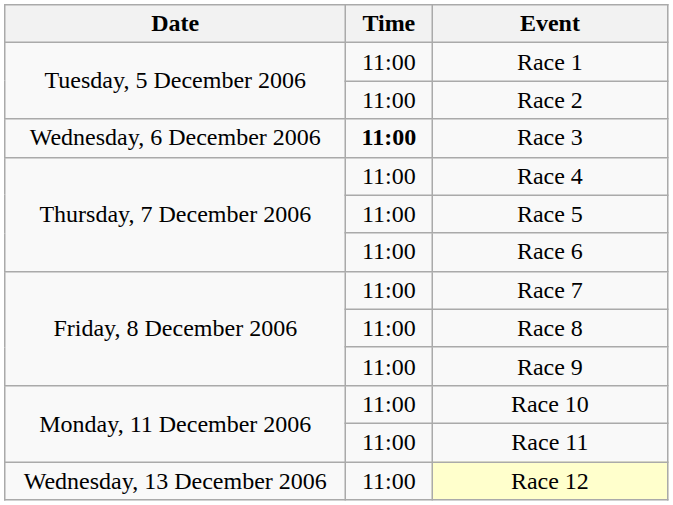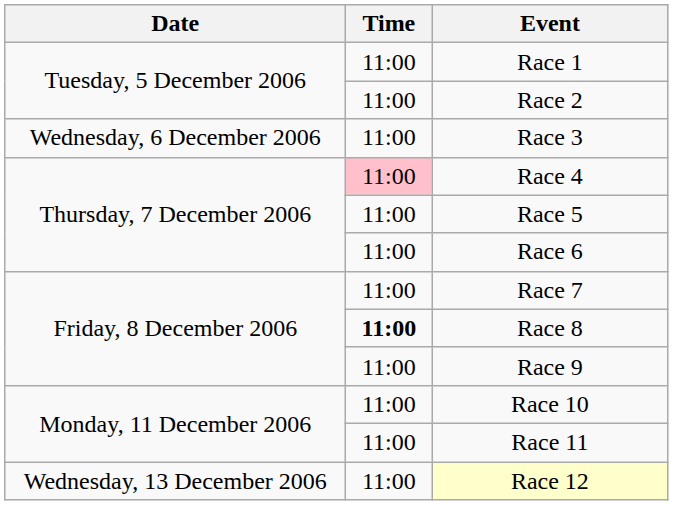 <table class = "wikitable" style="text-align:center;">
 <tr>
 <th width=220>Date</th>
 <th width=50>Time</th>
 <th width=150>Event</th>
 </tr>
 <tr>
 <td rowspan=2>Tuesday, 5 December 2006</td>
 <td>11:00</td>
 <td>Race 1</td>
 </tr>
 <tr>
 <td>11:00</td>
 <td>Race 2</td>
 </tr>
 <tr>
 <td>Wednesday, 6 December 2006</td>
-<td><strong>11:00</strong></td>
+<td>11:00</td>
 <td>Race 3</td>
 </tr>
 <tr>
 <td rowspan=3>Thursday, 7 December 2006</td>
-<td>11:00</td>
+<td style="background: pink;">11:00</td>
 <td>Race 4</td>
 </tr>
 <tr>
 <td>11:00</td>
 <td>Race 5</td>
 </tr>
 <tr>
 <td>11:00</td>
 <td>Race 6</td>
 </tr>
 <tr>
 <td rowspan=3>Friday, 8 December 2006</td>
 <td>11:00</td>
 <td>Race 7</td>
 </tr>
 <tr>
-<td>11:00</td>
+<td><strong>11:00</strong></td>
 <td>Race 8</td>
 </tr>
 <tr>
 <td>11:00</td>
 <td>Race 9</td>
 </tr>
 <tr>
 <td rowspan=2>Monday, 11 December 2006</td>
 <td>11:00</td>
 <td>Race 10</td>
 </tr>
 <tr>
 <td>11:00</td>
 <td>Race 11</td>
 </tr>
 <tr>
 <td>Wednesday, 13 December 2006</td>
 <td>11:00</td>
 <td bgcolor=ffffcc>Race 12</td>
 </tr>
 </table>
